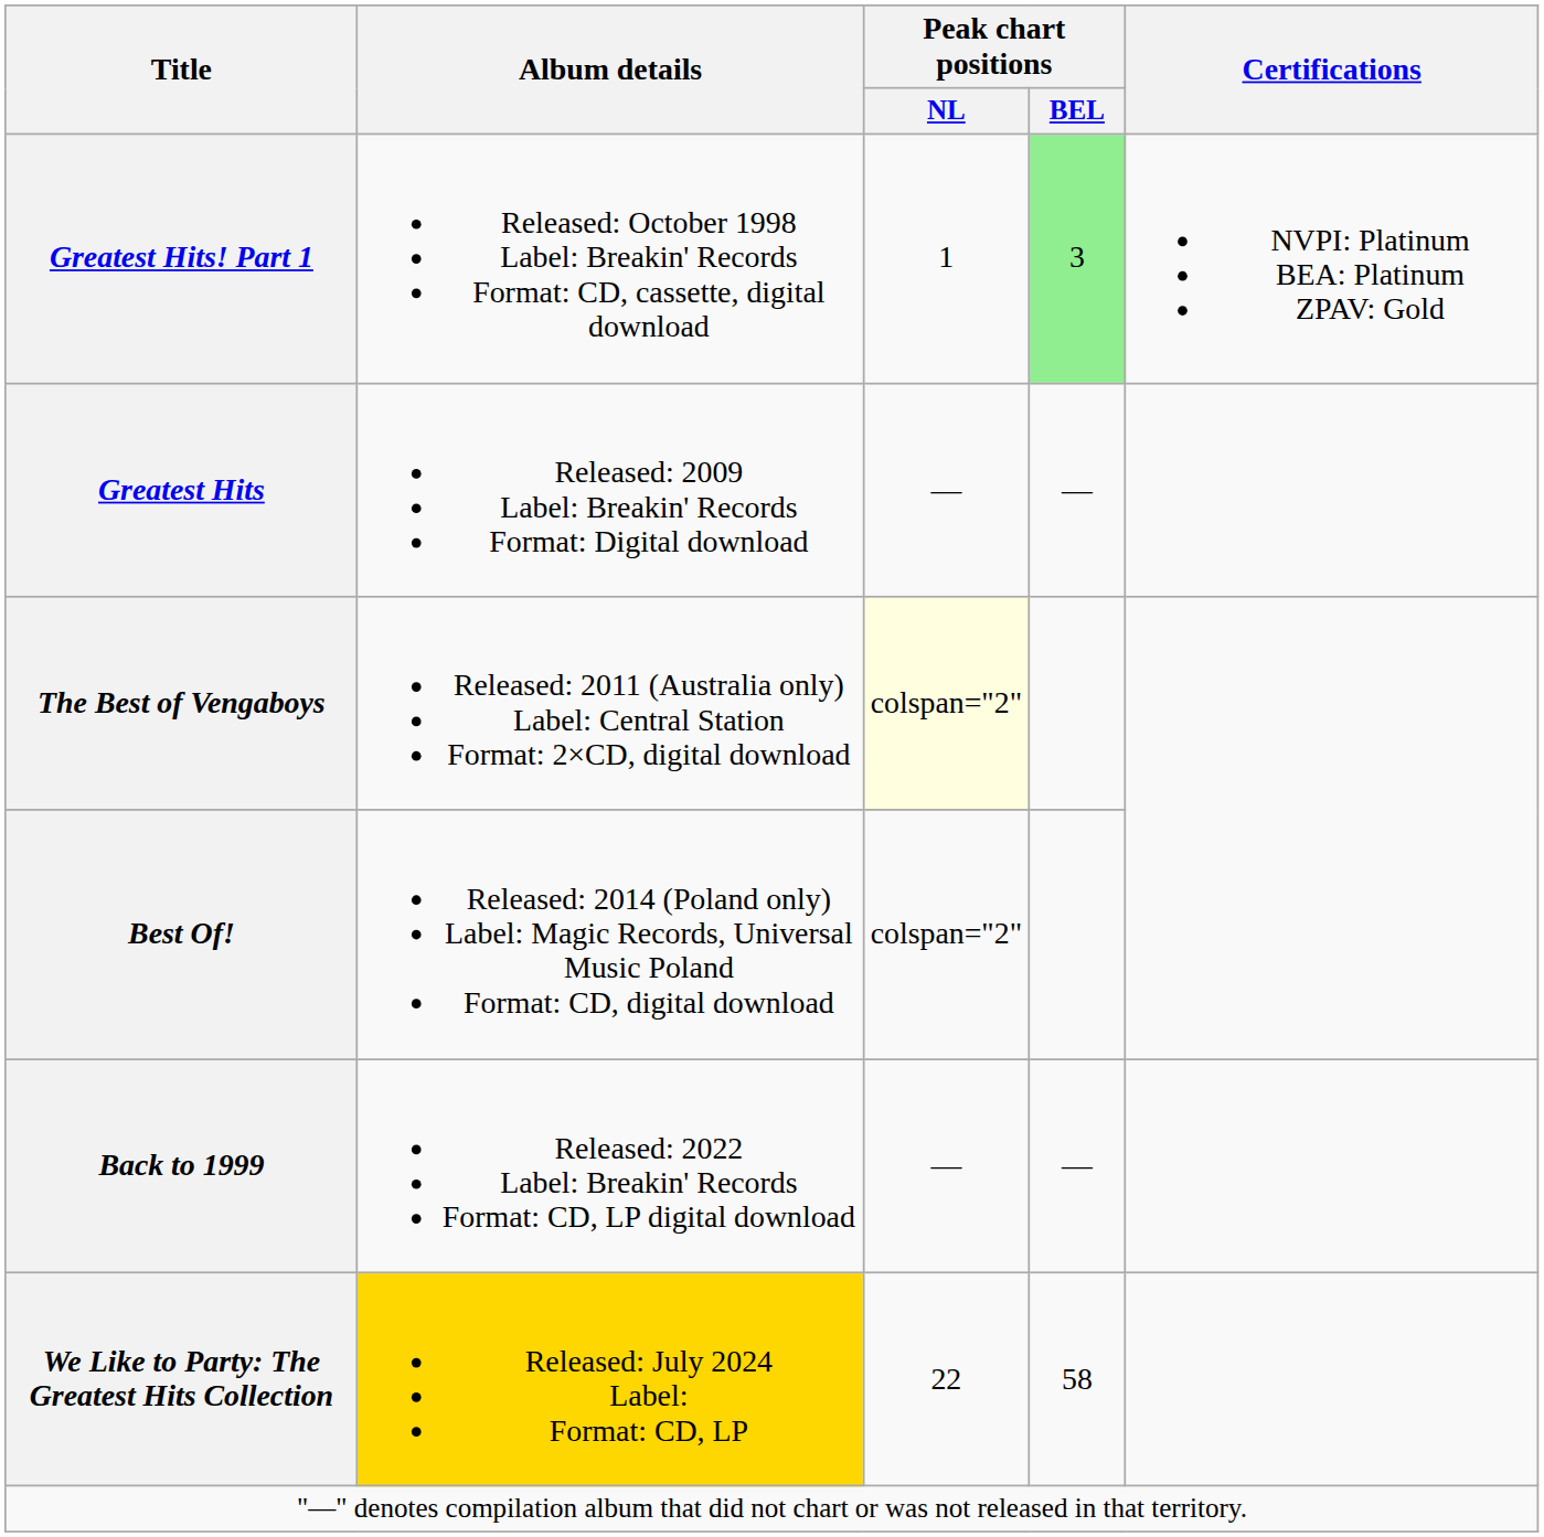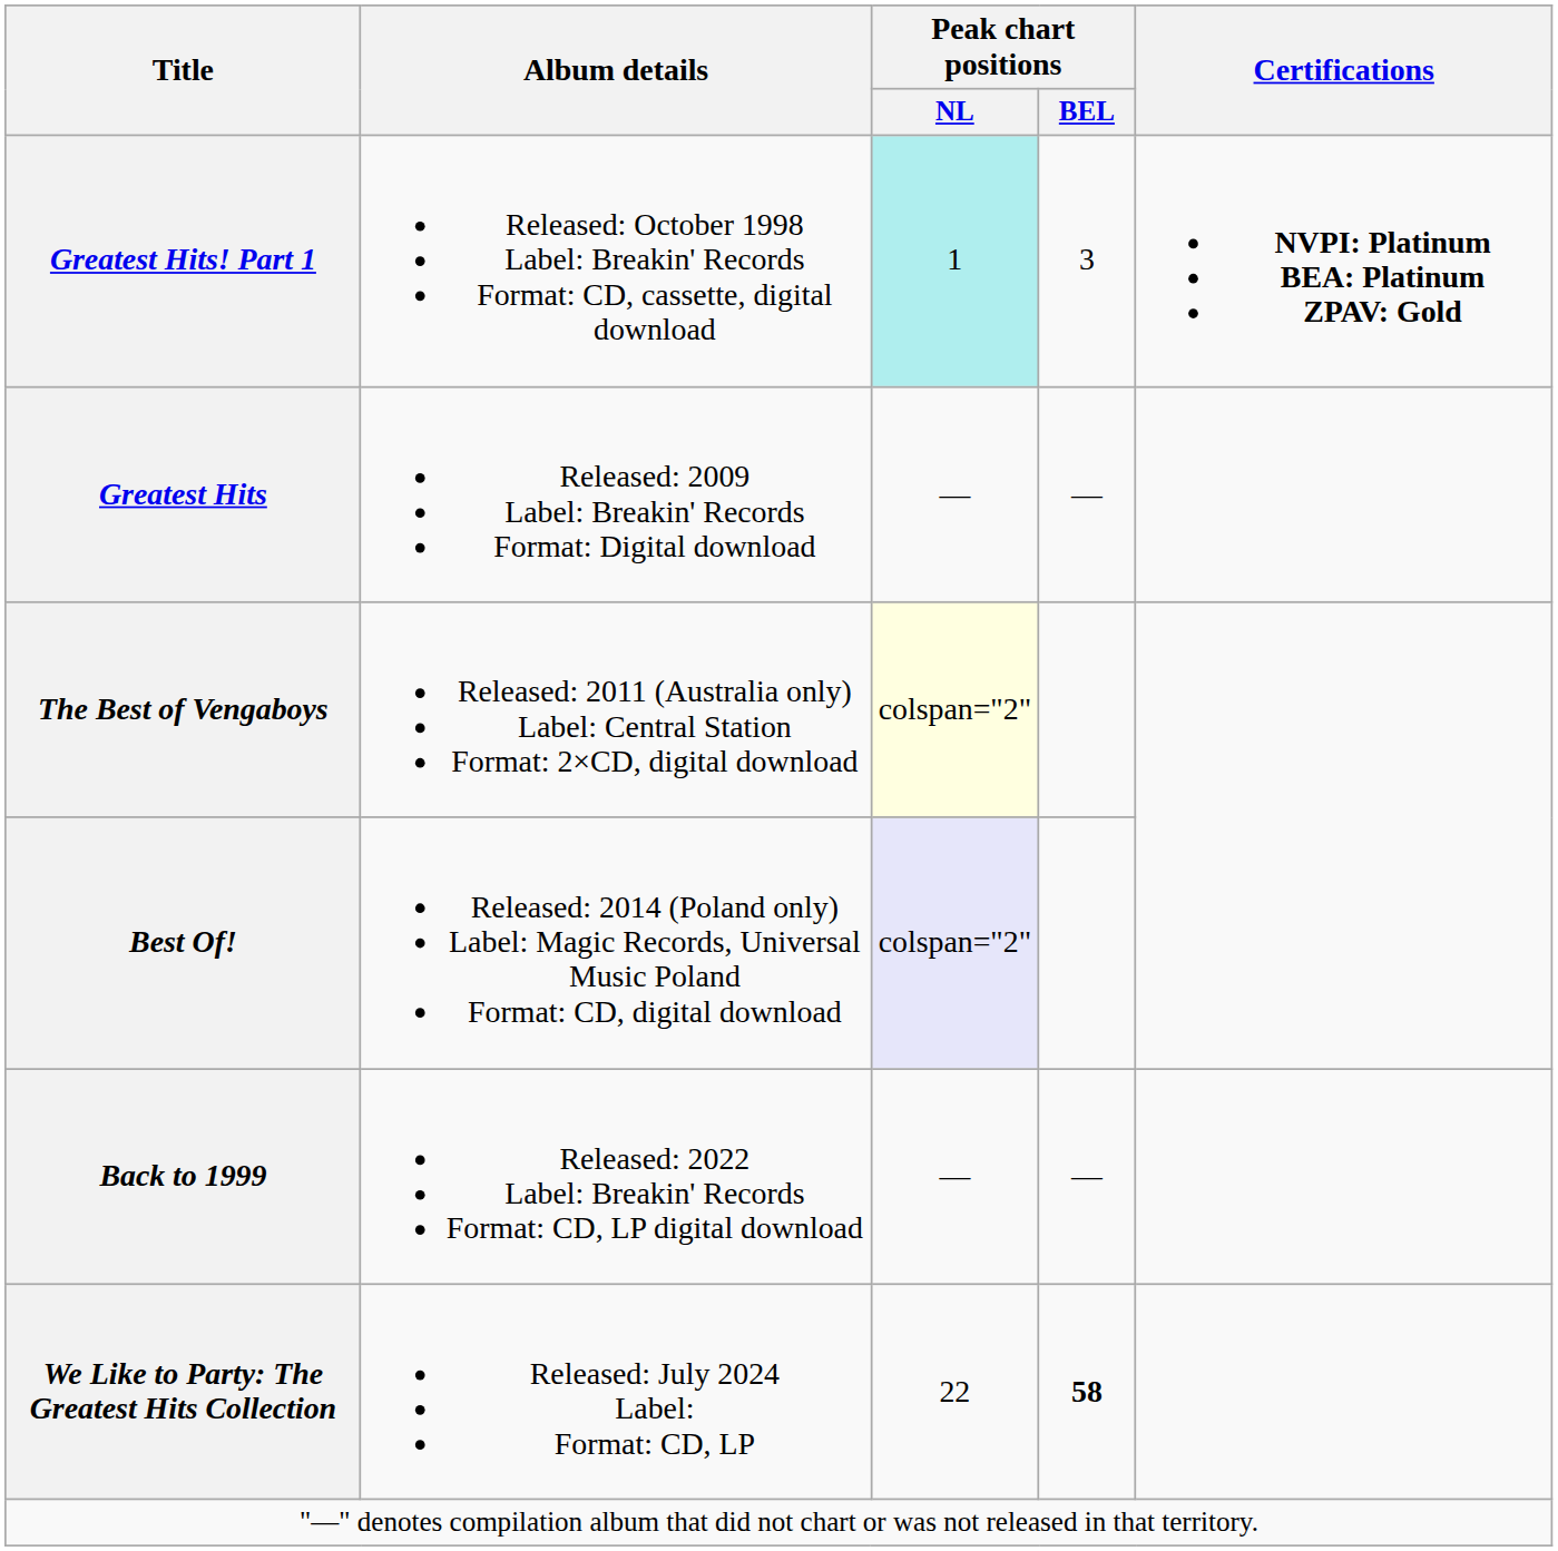 <table class="wikitable plainrowheaders" style="text-align:center;">
 <tr>
 <th scope="col" rowspan="2" style="width:11em;">Title</th>
 <th scope="col" rowspan="2" style="width:16em;">Album details</th>
 <th scope="col" colspan="2">Peak chart positions</th>
 <th scope="col" rowspan="2" style="width:13em;"><a href='#'>Certifications</a></th>
 </tr>
 <tr>
 <th style="width:3em;font-size:90%"><a href='#'>NL</a><br></th>
 <th style="width:3em;font-size:90%"><a href='#'>BEL</a><br></th>
 </tr>
 <tr>
 <th scope="row"><em><a href='#'>Greatest Hits! Part 1</a></em></th>
 <td><br><ul><li>Released: October 1998</li><li>Label: Breakin' Records</li><li>Format: CD, cassette, digital download</li></ul></td>
-<td>1</td>
-<td style="background: lightgreen;">3</td>
-<td><br><ul><li>NVPI: Platinum</li><li>BEA: Platinum</li><li>ZPAV: Gold</li></ul></td>
+<td style="background: paleturquoise;">1</td>
+<td>3</td>
+<td><strong><br><ul><li>NVPI: Platinum</li><li>BEA: Platinum</li><li>ZPAV: Gold</li></ul></strong></td>
 </tr>
 <tr>
 <th scope="row"><em><a href='#'>Greatest Hits</a></em></th>
 <td><br><ul><li>Released: 2009</li><li>Label: Breakin' Records</li><li>Format: Digital download</li></ul></td>
 <td>—</td>
 <td>—</td>
 <td></td>
 </tr>
 <tr>
 <th scope="row"><em>The Best of Vengaboys</em></th>
 <td><br><ul><li>Released: 2011 (Australia only)</li><li>Label: Central Station</li><li>Format: 2×CD, digital download</li></ul></td>
 <td style="background: lightyellow;">colspan="2" </td>
 <td></td>
 </tr>
 <tr>
 <th scope="row"><em>Best Of!</em></th>
 <td><br><ul><li>Released: 2014 (Poland only)</li><li>Label: Magic Records, Universal Music Poland</li><li>Format: CD, digital download</li></ul></td>
-<td>colspan="2" </td>
+<td style="background: lavender;">colspan="2" </td>
 <td></td>
 </tr>
 <tr>
 <th scope="row"><em>Back to 1999</em></th>
 <td><br><ul><li>Released: 2022</li><li>Label: Breakin' Records</li><li>Format: CD, LP digital download</li></ul></td>
 <td>—</td>
 <td>—</td>
 <td></td>
 </tr>
 <tr>
 <th scope="row"><em>We Like to Party: The Greatest Hits Collection</em></th>
-<td style="background: gold;"><br><ul><li>Released: July 2024</li><li>Label:</li><li>Format: CD, LP</li></ul></td>
+<td><br><ul><li>Released: July 2024</li><li>Label:</li><li>Format: CD, LP</li></ul></td>
 <td>22</td>
-<td>58</td>
+<td><strong>58</strong></td>
 <td></td>
 </tr>
 <tr>
 <td colspan="14" style="font-size:90%">"—" denotes compilation album that did not chart or was not released in that territory.</td>
 </tr>
 </table>
